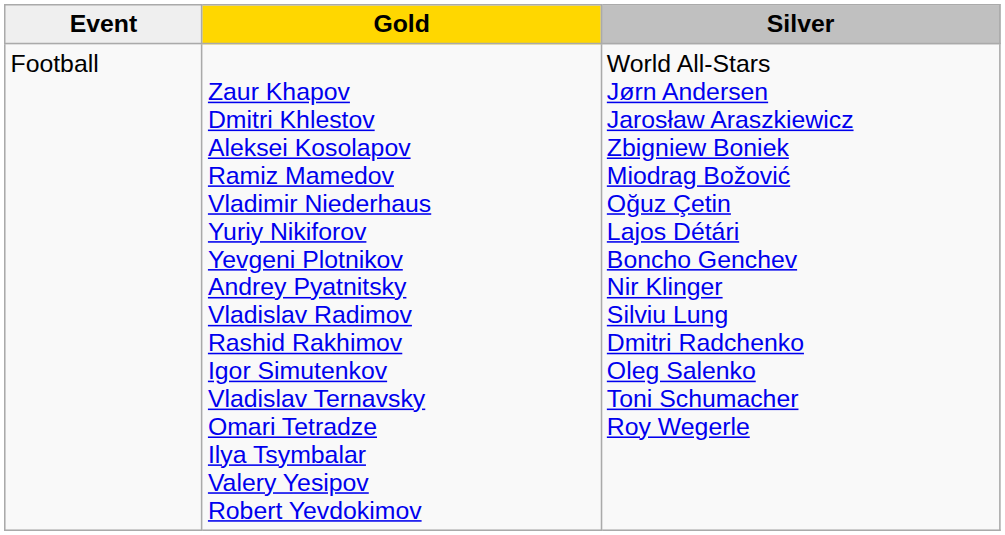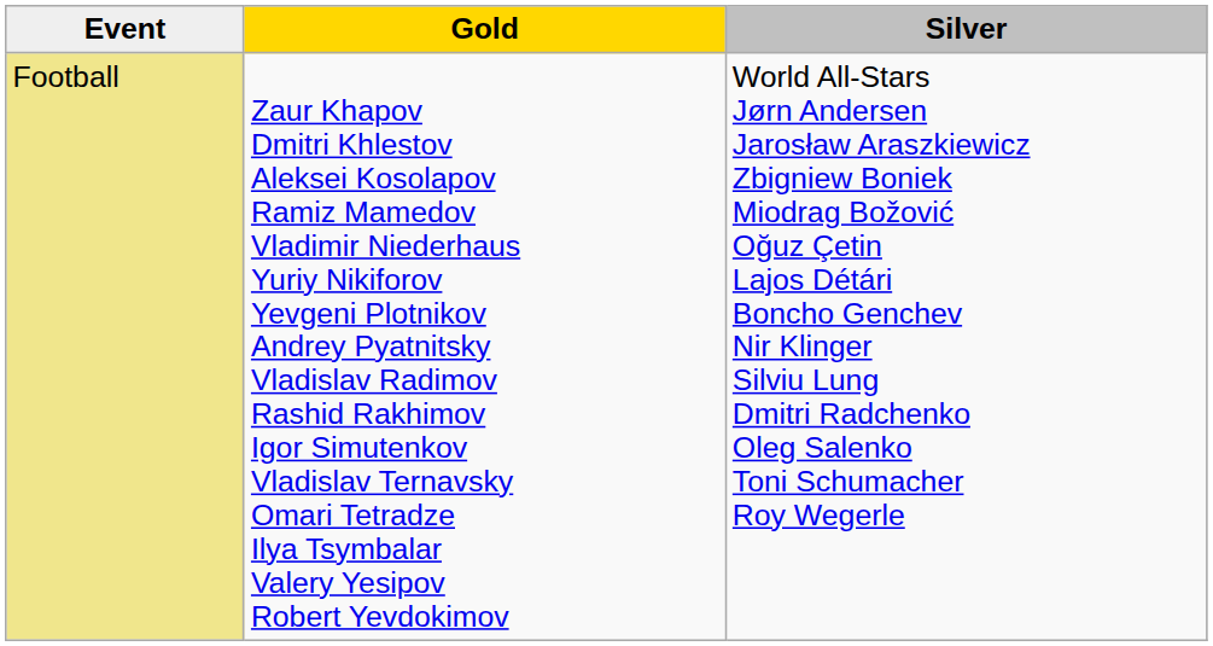 <table class="wikitable">
 <tr style="text-align:center">
 <th scope=col style="width:120px; background: #efefef;">Event</th>
 <th scope=col style="width:250px; background: gold;">Gold</th>
 <th scope=col style="width:250px; background: silver;">Silver</th>
 </tr>
 <tr style="vertical-align:top">
-<td>Football</td>
+<td style="background: khaki;">Football</td>
 <td><br><a href='#'>Zaur Khapov</a><br><a href='#'>Dmitri Khlestov</a><br><a href='#'>Aleksei Kosolapov</a><br><a href='#'>Ramiz Mamedov</a><br><a href='#'>Vladimir Niederhaus</a><br><a href='#'>Yuriy Nikiforov</a><br><a href='#'>Yevgeni Plotnikov</a><br><a href='#'>Andrey Pyatnitsky</a><br><a href='#'>Vladislav Radimov</a><br><a href='#'>Rashid Rakhimov</a><br><a href='#'>Igor Simutenkov</a><br><a href='#'>Vladislav Ternavsky</a><br><a href='#'>Omari Tetradze</a><br><a href='#'>Ilya Tsymbalar</a><br><a href='#'>Valery Yesipov</a><br><a href='#'>Robert Yevdokimov</a></td>
 <td>World All-Stars<br><a href='#'>Jørn Andersen</a><br><a href='#'>Jarosław Araszkiewicz</a><br><a href='#'>Zbigniew Boniek</a><br><a href='#'>Miodrag Božović</a><br><a href='#'>Oğuz Çetin</a><br><a href='#'>Lajos Détári</a><br><a href='#'>Boncho Genchev</a><br><a href='#'>Nir Klinger</a><br><a href='#'>Silviu Lung</a><br><a href='#'>Dmitri Radchenko</a><br><a href='#'>Oleg Salenko</a><br><a href='#'>Toni Schumacher</a><br><a href='#'>Roy Wegerle</a></td>
 </tr>
 </table>
